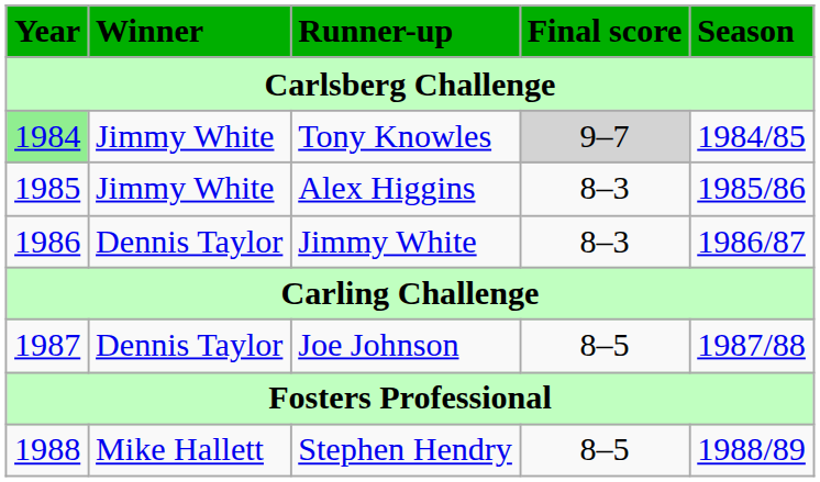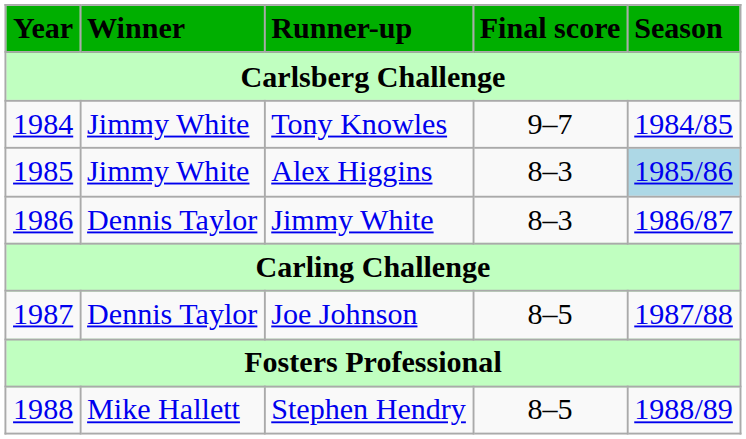 <table class="wikitable" style="margin: auto">
 <tr>
 <th style="text-align: center; background-color: #00af00">Year</th>
 <th style="text-align: left; background-color: #00af00">Winner</th>
 <th style="text-align: left; background-color: #00af00">Runner-up</th>
 <th style="text-align: left; background-color: #00af00">Final score</th>
 <th style="text-align: left; background-color: #00af00">Season</th>
 </tr>
 <tr>
 <th colspan=5 style="text-align: center; background-color: #c0ffc0">Carlsberg Challenge</th>
 </tr>
 <tr>
-<td style="background: lightgreen;"><a href='#'>1984</a></td>
+<td><a href='#'>1984</a></td>
 <td> <a href='#'>Jimmy White</a></td>
 <td> <a href='#'>Tony Knowles</a></td>
-<td style="background: lightgrey; text-align: center">9–7</td>
+<td style="text-align: center">9–7</td>
 <td><a href='#'>1984/85</a></td>
 </tr>
 <tr>
 <td><a href='#'>1985</a></td>
 <td> <a href='#'>Jimmy White</a></td>
 <td> <a href='#'>Alex Higgins</a></td>
 <td style="text-align: center">8–3</td>
-<td><a href='#'>1985/86</a></td>
+<td style="background: lightblue;"><a href='#'>1985/86</a></td>
 </tr>
 <tr>
 <td><a href='#'>1986</a></td>
 <td> <a href='#'>Dennis Taylor</a></td>
 <td> <a href='#'>Jimmy White</a></td>
 <td style="text-align: center">8–3</td>
 <td><a href='#'>1986/87</a></td>
 </tr>
 <tr>
 <th colspan=5 style="text-align: center; background-color: #c0ffc0">Carling Challenge</th>
 </tr>
 <tr>
 <td><a href='#'>1987</a></td>
 <td> <a href='#'>Dennis Taylor</a></td>
 <td> <a href='#'>Joe Johnson</a></td>
 <td style="text-align: center">8–5</td>
 <td><a href='#'>1987/88</a></td>
 </tr>
 <tr>
 <th colspan=5 style="text-align: center; background-color: #c0ffc0">Fosters Professional</th>
 </tr>
 <tr>
 <td><a href='#'>1988</a></td>
 <td> <a href='#'>Mike Hallett</a></td>
 <td> <a href='#'>Stephen Hendry</a></td>
 <td style="text-align: center">8–5</td>
 <td><a href='#'>1988/89</a></td>
 </tr>
 </table>
